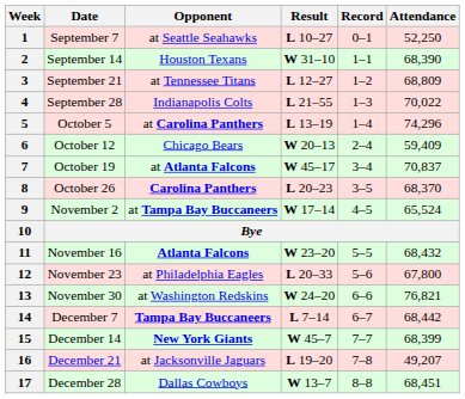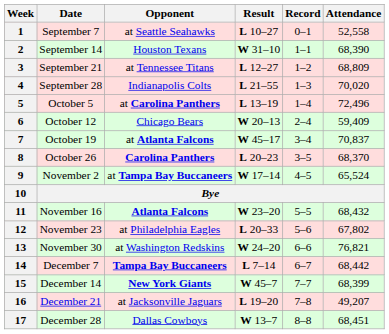 <table class="wikitable" style="text-align:center">
 <tr>
 <th>Week</th>
 <th>Date</th>
 <th>Opponent</th>
 <th>Result</th>
 <th>Record</th>
 <th>Attendance</th>
 </tr>
 <tr style="background: #ffdddd;">
 <th>1</th>
 <td>September 7</td>
 <td>at <a href='#'>Seattle Seahawks</a></td>
 <td><strong>L</strong> 10–27</td>
 <td>0–1</td>
-<td>52,250</td>
+<td>52,558</td>
 </tr>
 <tr style="background: #ddffdd;">
 <th>2</th>
 <td>September 14</td>
 <td><a href='#'>Houston Texans</a></td>
 <td><strong>W</strong> 31–10</td>
 <td>1–1</td>
 <td style="text-align:center">68,390</td>
 </tr>
 <tr style="background: #ffdddd;">
 <th>3</th>
 <td>September 21</td>
 <td>at <a href='#'>Tennessee Titans</a></td>
 <td><strong>L</strong> 12–27</td>
 <td>1–2</td>
 <td>68,809</td>
 </tr>
 <tr style="background: #ffdddd;">
 <th>4</th>
 <td>September 28</td>
 <td><a href='#'>Indianapolis Colts</a></td>
 <td><strong>L</strong> 21–55</td>
 <td>1–3</td>
-<td>70,022</td>
+<td>70,020</td>
 </tr>
 <tr style="background: #ffdddd;">
 <th>5</th>
 <td>October 5</td>
 <td>at <strong><a href='#'>Carolina Panthers</a></strong></td>
 <td><strong>L</strong> 13–19</td>
 <td>1–4</td>
-<td>74,296</td>
+<td>72,496</td>
 </tr>
 <tr style="background: #ddffdd;">
 <th>6</th>
 <td>October 12</td>
 <td><a href='#'>Chicago Bears</a></td>
 <td><strong>W</strong> 20–13</td>
 <td>2–4</td>
 <td>59,409</td>
 </tr>
 <tr style="background: #ddffdd;">
 <th>7</th>
 <td>October 19</td>
 <td>at <strong><a href='#'>Atlanta Falcons</a></strong></td>
 <td><strong>W</strong> 45–17</td>
 <td>3–4</td>
 <td>70,837</td>
 </tr>
 <tr style="background: #ffdddd;">
 <th>8</th>
 <td>October 26</td>
 <td><strong><a href='#'>Carolina Panthers</a></strong></td>
 <td><strong>L</strong> 20–23</td>
 <td>3–5</td>
 <td>68,370</td>
 </tr>
 <tr style="background: #ddffdd;">
 <th>9</th>
 <td>November 2</td>
 <td>at <strong><a href='#'>Tampa Bay Buccaneers</a></strong></td>
 <td><strong>W</strong> 17–14</td>
 <td>4–5</td>
 <td>65,524</td>
 </tr>
 <tr>
 <th>10</th>
 <th colspan=5><em>Bye</em></th>
 </tr>
 <tr style="background: #ddffdd;">
 <th>11</th>
 <td>November 16</td>
 <td><strong><a href='#'>Atlanta Falcons</a></strong></td>
 <td><strong>W</strong> 23–20</td>
 <td>5–5</td>
 <td>68,432</td>
 </tr>
 <tr style="background: #ffdddd;">
 <th>12</th>
 <td>November 23</td>
 <td>at <a href='#'>Philadelphia Eagles</a></td>
 <td><strong>L</strong> 20–33</td>
 <td>5–6</td>
-<td>67,800</td>
+<td>67,802</td>
 </tr>
 <tr style="background: #ddffdd;">
 <th>13</th>
 <td>November 30</td>
 <td>at <a href='#'>Washington Redskins</a></td>
 <td><strong>W</strong> 24–20</td>
 <td>6–6</td>
 <td>76,821</td>
 </tr>
 <tr style="background: #ffdddd;">
 <th>14</th>
 <td>December 7</td>
 <td><strong><a href='#'>Tampa Bay Buccaneers</a></strong></td>
 <td><strong>L</strong> 7–14</td>
 <td>6–7</td>
 <td>68,442</td>
 </tr>
 <tr style="background: #ddffdd;">
 <th>15</th>
 <td>December 14</td>
 <td><strong><a href='#'>New York Giants</a></strong></td>
 <td><strong>W</strong> 45–7</td>
 <td>7–7</td>
 <td>68,399</td>
 </tr>
 <tr style="background: #ffdddd;">
 <th>16</th>
 <td><a href='#'>December 21</a></td>
 <td>at <a href='#'>Jacksonville Jaguars</a></td>
 <td><strong>L</strong> 19–20</td>
 <td>7–8</td>
 <td>49,207</td>
 </tr>
 <tr style="background: #ddffdd;">
 <th>17</th>
 <td>December 28</td>
 <td><a href='#'>Dallas Cowboys</a></td>
 <td><strong>W</strong> 13–7</td>
 <td>8–8</td>
 <td>68,451</td>
 </tr>
 </table>
